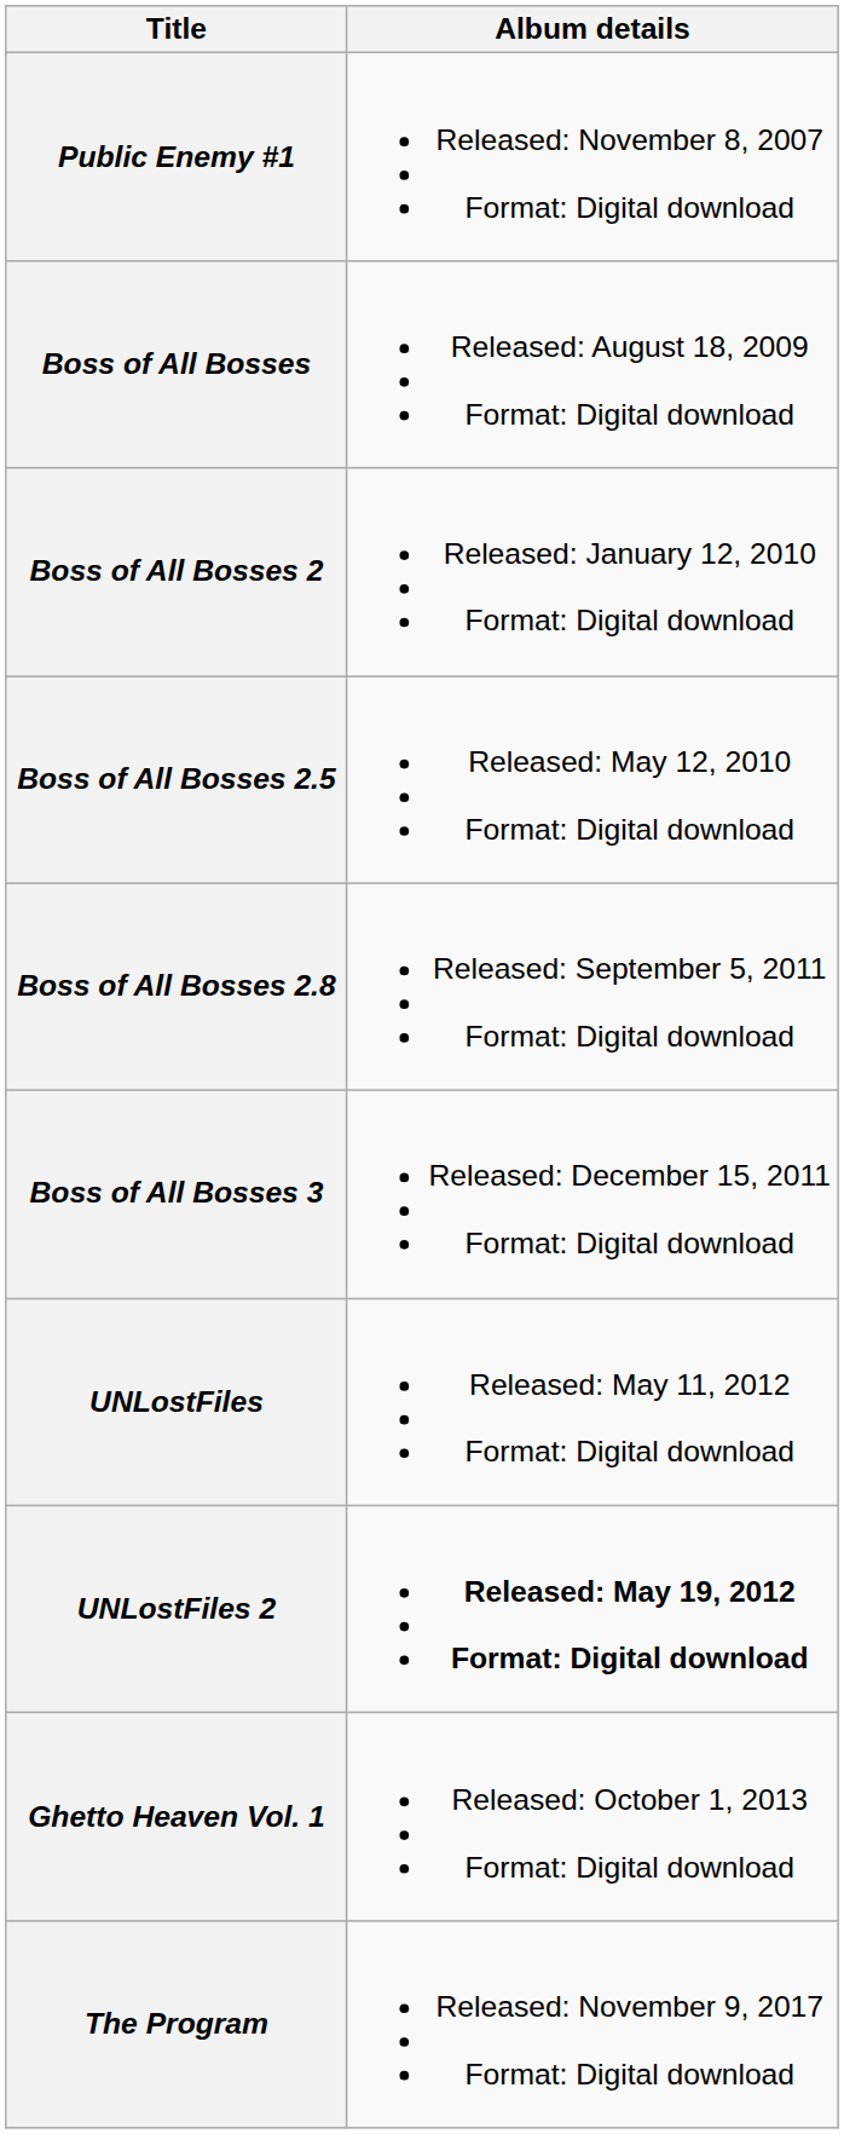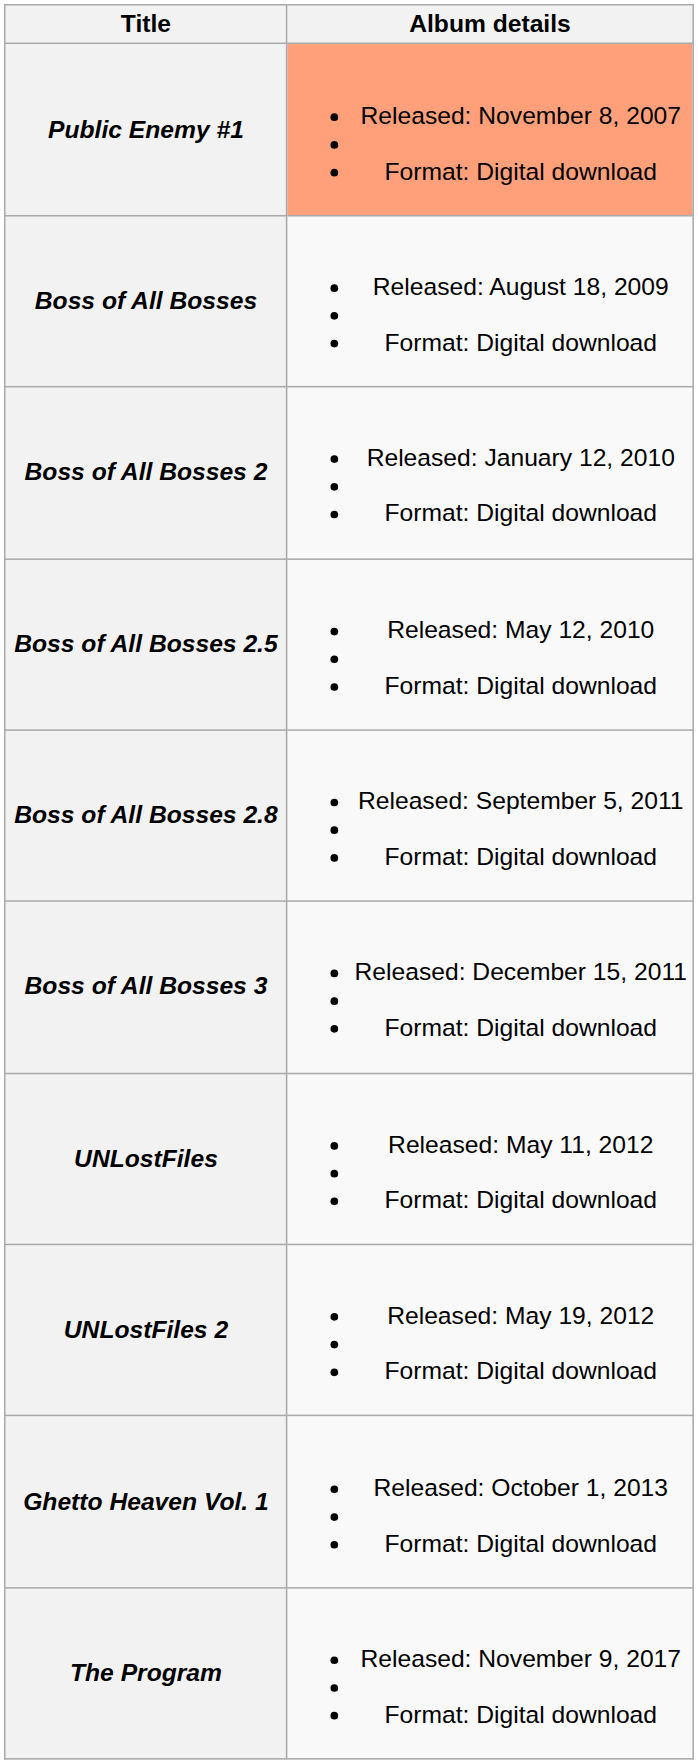 <table class="wikitable plainrowheaders" style="text-align:center;">
 <tr>
 <th scope="col" style="width:11em;">Title</th>
 <th scope="col" style="width:16em;">Album details</th>
 </tr>
 <tr>
 <th scope="row"><em>Public Enemy #1</em><br></th>
-<td><br><ul><li>Released: November 8, 2007</li><li></li><li>Format: Digital download</li></ul></td>
+<td style="background: lightsalmon;"><br><ul><li>Released: November 8, 2007</li><li></li><li>Format: Digital download</li></ul></td>
 </tr>
 <tr>
 <th scope="row"><em>Boss of All Bosses</em><br></th>
 <td><br><ul><li>Released: August 18, 2009</li><li></li><li>Format: Digital download</li></ul></td>
 </tr>
 <tr>
 <th scope="row"><em>Boss of All Bosses 2</em><br></th>
 <td><br><ul><li>Released: January 12, 2010</li><li></li><li>Format: Digital download</li></ul></td>
 </tr>
 <tr>
 <th scope="row"><em>Boss of All Bosses 2.5</em><br></th>
 <td><br><ul><li>Released: May 12, 2010</li><li></li><li>Format: Digital download</li></ul></td>
 </tr>
 <tr>
 <th scope="row"><em>Boss of All Bosses 2.8</em><br></th>
 <td><br><ul><li>Released: September 5, 2011</li><li></li><li>Format: Digital download</li></ul></td>
 </tr>
 <tr>
 <th scope="row"><em>Boss of All Bosses 3</em><br></th>
 <td><br><ul><li>Released: December 15, 2011</li><li></li><li>Format: Digital download</li></ul></td>
 </tr>
 <tr>
 <th scope="row"><em>UNLostFiles</em><br></th>
 <td><br><ul><li>Released: May 11, 2012</li><li></li><li>Format: Digital download</li></ul></td>
 </tr>
 <tr>
 <th scope="row"><em>UNLostFiles 2</em><br></th>
-<td><strong><br><ul><li>Released: May 19, 2012</li><li></li><li>Format: Digital download</li></ul></strong></td>
+<td><br><ul><li>Released: May 19, 2012</li><li></li><li>Format: Digital download</li></ul></td>
 </tr>
 <tr>
 <th scope="row"><em>Ghetto Heaven Vol. 1</em></th>
 <td><br><ul><li>Released: October 1, 2013</li><li></li><li>Format: Digital download</li></ul></td>
 </tr>
 <tr>
 <th scope="row"><em>The Program</em></th>
 <td><br><ul><li>Released: November 9, 2017</li><li></li><li>Format: Digital download</li></ul></td>
 </tr>
 </table>
